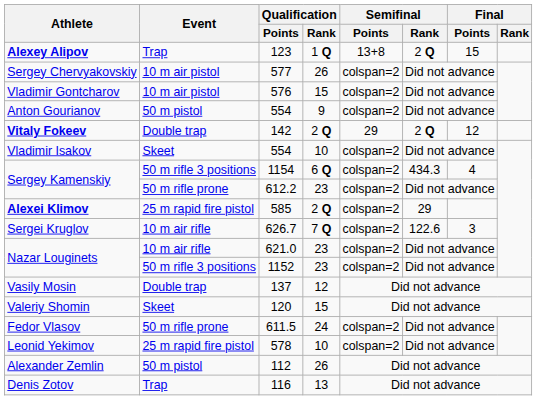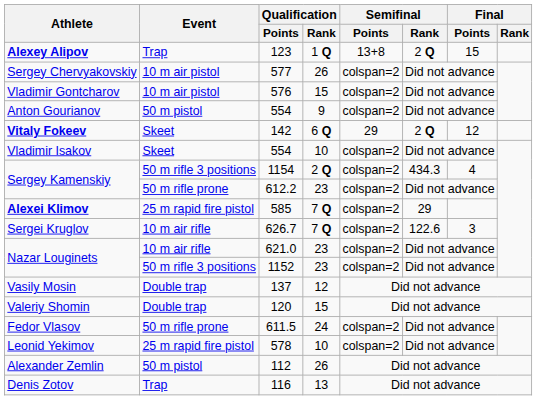 <table class="wikitable" style="text-align:center; font-size:90%">
 <tr>
 <th rowspan=2>Athlete</th>
 <th rowspan=2>Event</th>
 <th colspan=2>Qualification</th>
 <th colspan=2>Semifinal</th>
 <th colspan=2>Final</th>
 </tr>
 <tr style="font-size:95%">
 <th>Points</th>
 <th>Rank</th>
 <th>Points</th>
 <th>Rank</th>
 <th>Points</th>
 <th>Rank</th>
 </tr>
 <tr>
 <td align=left><strong><a href='#'>Alexey Alipov</a></strong></td>
 <td align=left><a href='#'>Trap</a></td>
 <td>123</td>
 <td>1 <strong>Q</strong></td>
 <td>13+8</td>
 <td>2 <strong>Q</strong></td>
 <td>15</td>
 <td></td>
 </tr>
 <tr>
 <td align=left><a href='#'>Sergey Chervyakovskiy</a></td>
 <td align=left><a href='#'>10 m air pistol</a></td>
 <td>577</td>
 <td>26</td>
 <td>colspan=2 </td>
 <td colspan=2>Did not advance</td>
 </tr>
 <tr>
 <td align=left><a href='#'>Vladimir Gontcharov</a></td>
 <td align=left><a href='#'>10 m air pistol</a></td>
 <td>576</td>
 <td>15</td>
 <td>colspan=2 </td>
 <td colspan=2>Did not advance</td>
 </tr>
 <tr>
 <td align=left><a href='#'>Anton Gourianov</a></td>
 <td align=left><a href='#'>50 m pistol</a></td>
 <td>554</td>
 <td>9</td>
 <td>colspan=2 </td>
 <td colspan=2>Did not advance</td>
 </tr>
 <tr>
 <td align=left><strong><a href='#'>Vitaly Fokeev</a></strong></td>
-<td align=left><a href='#'>Double trap</a></td>
+<td align=left><a href='#'>Skeet</a></td>
 <td>142</td>
-<td>2 <strong>Q</strong></td>
+<td>6 <strong>Q</strong></td>
 <td>29</td>
 <td>2 <strong>Q</strong></td>
 <td>12</td>
 <td></td>
 </tr>
 <tr>
 <td align=left><a href='#'>Vladimir Isakov</a></td>
 <td align=left><a href='#'>Skeet</a></td>
 <td>554</td>
 <td>10</td>
 <td>colspan=2 </td>
 <td colspan=2>Did not advance</td>
 </tr>
 <tr>
 <td rowspan=2 align=left><a href='#'>Sergey Kamenskiy</a></td>
 <td align=left><a href='#'>50 m rifle 3 positions</a></td>
 <td>1154</td>
-<td>6 <strong>Q</strong></td>
+<td>2 <strong>Q</strong></td>
 <td>colspan=2 </td>
 <td>434.3</td>
 <td>4</td>
 </tr>
 <tr>
 <td align=left><a href='#'>50 m rifle prone</a></td>
 <td>612.2</td>
 <td>23</td>
 <td>colspan=2 </td>
 <td colspan=2>Did not advance</td>
 </tr>
 <tr>
 <td align=left><strong><a href='#'>Alexei Klimov</a></strong></td>
 <td align=left><a href='#'>25 m rapid fire pistol</a></td>
 <td>585</td>
-<td>2 <strong>Q</strong></td>
+<td>7 <strong>Q</strong></td>
 <td>colspan=2 </td>
 <td>29</td>
 <td></td>
 </tr>
 <tr>
 <td align=left><a href='#'>Sergei Kruglov</a></td>
 <td align=left><a href='#'>10 m air rifle</a></td>
 <td>626.7</td>
 <td>7 <strong>Q</strong></td>
 <td>colspan=2 </td>
 <td>122.6</td>
 <td>3</td>
 </tr>
 <tr>
 <td rowspan=2 align=left><a href='#'>Nazar Louginets</a></td>
 <td align=left><a href='#'>10 m air rifle</a></td>
 <td>621.0</td>
 <td>23</td>
 <td>colspan=2 </td>
 <td colspan=2>Did not advance</td>
 </tr>
 <tr>
 <td align=left><a href='#'>50 m rifle 3 positions</a></td>
 <td>1152</td>
 <td>23</td>
 <td>colspan=2 </td>
 <td colspan=2>Did not advance</td>
 </tr>
 <tr>
 <td align=left><a href='#'>Vasily Mosin</a></td>
 <td align=left><a href='#'>Double trap</a></td>
 <td>137</td>
 <td>12</td>
 <td colspan=4>Did not advance</td>
 </tr>
 <tr>
 <td align=left><a href='#'>Valeriy Shomin</a></td>
-<td align=left><a href='#'>Skeet</a></td>
+<td align=left><a href='#'>Double trap</a></td>
 <td>120</td>
 <td>15</td>
 <td colspan=4>Did not advance</td>
 </tr>
 <tr>
 <td align=left><a href='#'>Fedor Vlasov</a></td>
 <td align=left><a href='#'>50 m rifle prone</a></td>
 <td>611.5</td>
 <td>24</td>
 <td>colspan=2 </td>
 <td colspan=2>Did not advance</td>
 </tr>
 <tr>
 <td align=left><a href='#'>Leonid Yekimov</a></td>
 <td align=left><a href='#'>25 m rapid fire pistol</a></td>
 <td>578</td>
 <td>10</td>
 <td>colspan=2 </td>
 <td colspan=2>Did not advance</td>
 </tr>
 <tr>
 <td align=left><a href='#'>Alexander Zemlin</a></td>
 <td align=left><a href='#'>50 m pistol</a></td>
 <td>112</td>
 <td>26</td>
 <td colspan=4>Did not advance</td>
 </tr>
 <tr>
 <td align=left><a href='#'>Denis Zotov</a></td>
 <td align=left><a href='#'>Trap</a></td>
 <td>116</td>
 <td>13</td>
 <td colspan=4>Did not advance</td>
 </tr>
 </table>
